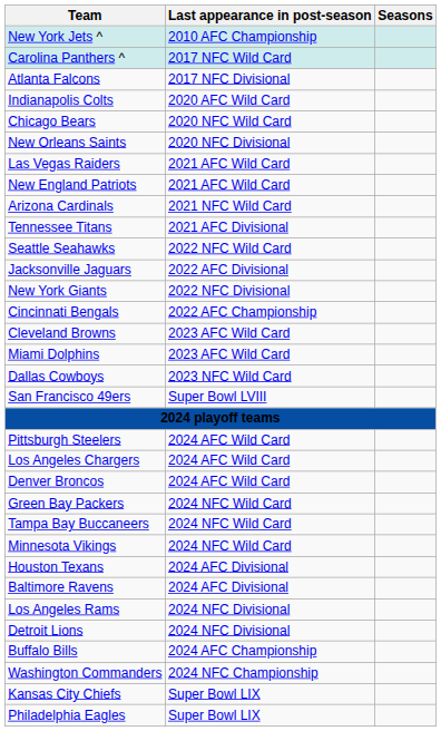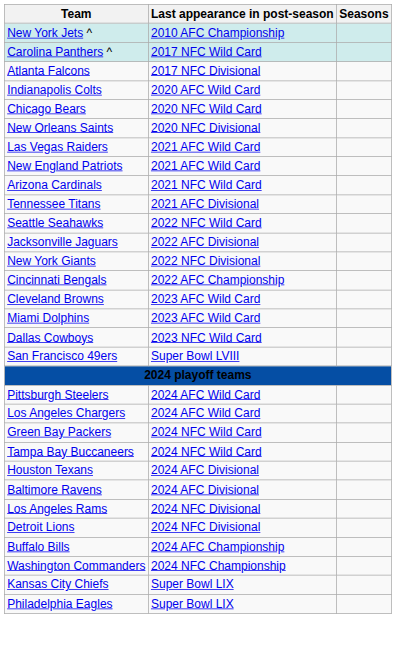 <table class="wikitable sortable">
 <tr>
 <th>Team</th>
 <th>Last appearance in post-season</th>
 <th>Seasons</th>
 </tr>
 <tr bgcolor="#CFECEC">
 <td><a href='#'>New York Jets</a> ^</td>
 <td><a href='#'>2010 AFC Championship</a></td>
 <td align="center"></td>
 </tr>
 <tr bgcolor="#CFECEC">
 <td><a href='#'>Carolina Panthers</a> ^</td>
 <td><a href='#'>2017 NFC Wild Card</a></td>
 <td align="center"></td>
 </tr>
 <tr>
 <td><a href='#'>Atlanta Falcons</a></td>
 <td><a href='#'>2017 NFC Divisional</a></td>
 <td align="center"></td>
 </tr>
 <tr>
 <td><a href='#'>Indianapolis Colts</a></td>
 <td><a href='#'>2020 AFC Wild Card</a></td>
 <td align="center"></td>
 </tr>
 <tr>
 <td><a href='#'>Chicago Bears</a></td>
 <td><a href='#'>2020 NFC Wild Card</a></td>
 <td align="center"></td>
 </tr>
 <tr>
 <td><a href='#'>New Orleans Saints</a></td>
 <td><a href='#'>2020 NFC Divisional</a></td>
 <td align="center"></td>
 </tr>
 <tr>
 <td><a href='#'>Las Vegas Raiders</a></td>
 <td><a href='#'>2021 AFC Wild Card</a></td>
 <td align="center"></td>
 </tr>
 <tr>
 <td><a href='#'>New England Patriots</a></td>
 <td><a href='#'>2021 AFC Wild Card</a></td>
 <td align="center"></td>
 </tr>
 <tr>
 <td><a href='#'>Arizona Cardinals</a></td>
 <td><a href='#'>2021 NFC Wild Card</a></td>
 <td align="center"></td>
 </tr>
 <tr>
 <td><a href='#'>Tennessee Titans</a></td>
 <td><a href='#'>2021 AFC Divisional</a></td>
 <td align="center"></td>
 </tr>
 <tr>
 <td><a href='#'>Seattle Seahawks</a></td>
 <td><a href='#'>2022 NFC Wild Card</a></td>
 <td align="center"></td>
 </tr>
 <tr>
 <td><a href='#'>Jacksonville Jaguars</a></td>
 <td><a href='#'>2022 AFC Divisional</a></td>
 <td align="center"></td>
 </tr>
 <tr>
 <td><a href='#'>New York Giants</a></td>
 <td><a href='#'>2022 NFC Divisional</a></td>
 <td align="center"></td>
 </tr>
 <tr>
 <td><a href='#'>Cincinnati Bengals</a></td>
 <td><a href='#'>2022 AFC Championship</a></td>
 <td align="center"></td>
 </tr>
 <tr>
 <td><a href='#'>Cleveland Browns</a></td>
 <td><a href='#'>2023 AFC Wild Card</a></td>
 <td align="center"></td>
 </tr>
 <tr>
 <td><a href='#'>Miami Dolphins</a></td>
 <td><a href='#'>2023 AFC Wild Card</a></td>
 <td align="center"></td>
 </tr>
 <tr>
 <td><a href='#'>Dallas Cowboys</a></td>
 <td><a href='#'>2023 NFC Wild Card</a></td>
 <td align="center"></td>
 </tr>
 <tr>
 <td><a href='#'>San Francisco 49ers</a></td>
 <td><a href='#'>Super Bowl LVIII</a></td>
 <td align="center"></td>
 </tr>
 <tr>
 <td align="center" colspan="3" data-sort-value="z" bgcolor="#054ea4"><span><strong>2024 playoff teams</strong></span></td>
 </tr>
 <tr>
 <td><a href='#'>Pittsburgh Steelers</a></td>
 <td><a href='#'>2024 AFC Wild Card</a></td>
 <td align="center"></td>
 </tr>
 <tr>
 <td><a href='#'>Los Angeles Chargers</a></td>
 <td><a href='#'>2024 AFC Wild Card</a></td>
 <td align="center"></td>
 </tr>
 <tr>
-<td><a href='#'>Denver Broncos</a></td>
-<td><a href='#'>2024 AFC Wild Card</a></td>
-<td align="center"></td>
-</tr>
-<tr>
 <td><a href='#'>Green Bay Packers</a></td>
 <td><a href='#'>2024 NFC Wild Card</a></td>
 <td align="center"></td>
 </tr>
 <tr>
 <td><a href='#'>Tampa Bay Buccaneers</a></td>
-<td><a href='#'>2024 NFC Wild Card</a></td>
-<td align="center"></td>
-</tr>
-<tr>
-<td><a href='#'>Minnesota Vikings</a></td>
 <td><a href='#'>2024 NFC Wild Card</a></td>
 <td align="center"></td>
 </tr>
 <tr>
 <td><a href='#'>Houston Texans</a></td>
 <td><a href='#'>2024 AFC Divisional</a></td>
 <td align="center"></td>
 </tr>
 <tr>
 <td><a href='#'>Baltimore Ravens</a></td>
 <td><a href='#'>2024 AFC Divisional</a></td>
 <td align="center"></td>
 </tr>
 <tr>
 <td><a href='#'>Los Angeles Rams</a></td>
 <td><a href='#'>2024 NFC Divisional</a></td>
 <td align="center"></td>
 </tr>
 <tr>
 <td><a href='#'>Detroit Lions</a></td>
 <td><a href='#'>2024 NFC Divisional</a></td>
 <td align="center"></td>
 </tr>
 <tr>
 <td><a href='#'>Buffalo Bills</a></td>
 <td><a href='#'>2024 AFC Championship</a></td>
 <td align="center"></td>
 </tr>
 <tr>
 <td><a href='#'>Washington Commanders</a></td>
 <td><a href='#'>2024 NFC Championship</a></td>
 <td align="center"></td>
 </tr>
 <tr>
 <td><a href='#'>Kansas City Chiefs</a></td>
 <td><a href='#'>Super Bowl LIX</a></td>
 <td align="center"></td>
 </tr>
 <tr>
 <td><a href='#'>Philadelphia Eagles</a></td>
 <td><a href='#'>Super Bowl LIX</a></td>
 <td align="center"></td>
 </tr>
 </table>
